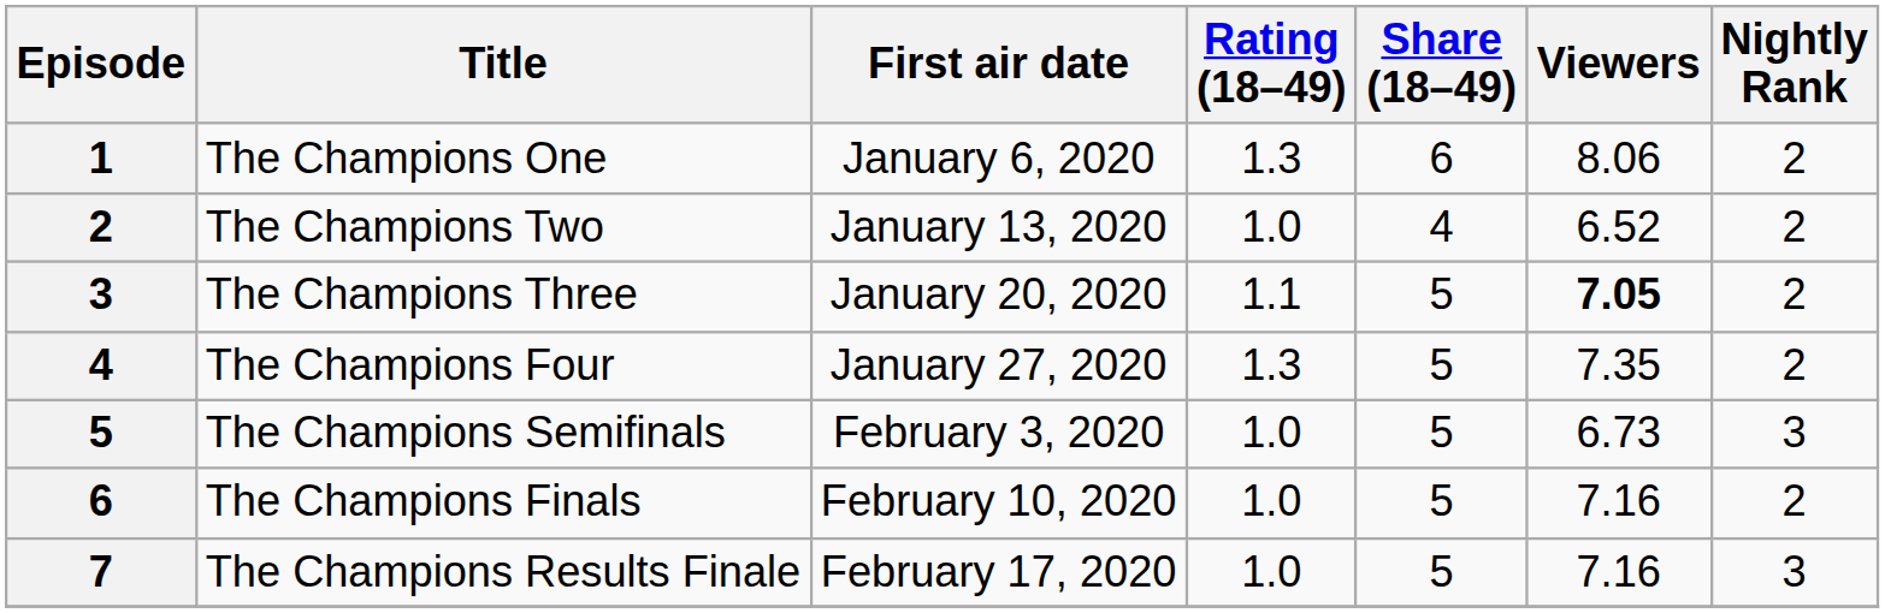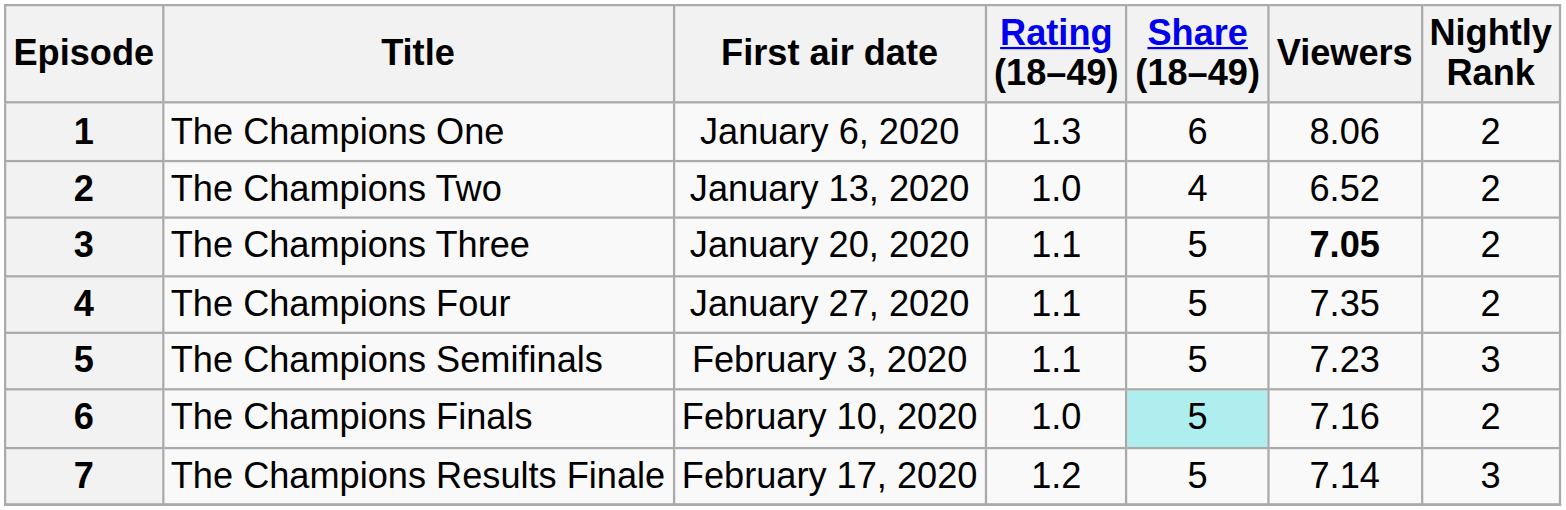 <table class="wikitable" style="text-align:center">
 <tr>
 <th>Episode</th>
 <th>Title</th>
 <th>First air date</th>
 <th><a href='#'>Rating</a><br>(18–49)</th>
 <th><a href='#'>Share</a><br>(18–49)</th>
 <th>Viewers<br></th>
 <th>Nightly<br>Rank</th>
 </tr>
 <tr>
 <th>1</th>
 <td style="text-align:left;">The Champions One</td>
 <td>January 6, 2020</td>
 <td>1.3</td>
 <td>6</td>
 <td>8.06</td>
 <td>2</td>
 </tr>
 <tr>
 <th>2</th>
 <td style="text-align:left;">The Champions Two</td>
 <td>January 13, 2020</td>
 <td>1.0</td>
 <td>4</td>
 <td>6.52</td>
 <td>2</td>
 </tr>
 <tr>
 <th>3</th>
 <td style="text-align:left;">The Champions Three</td>
 <td>January 20, 2020</td>
 <td>1.1</td>
 <td>5</td>
 <td><strong>7.05</strong></td>
 <td>2</td>
 </tr>
 <tr>
 <th>4</th>
 <td style="text-align:left;">The Champions Four</td>
 <td>January 27, 2020</td>
-<td>1.3</td>
+<td>1.1</td>
 <td>5</td>
 <td>7.35</td>
 <td>2</td>
 </tr>
 <tr>
 <th>5</th>
 <td style="text-align:left;">The Champions Semifinals</td>
 <td>February 3, 2020</td>
-<td>1.0</td>
+<td>1.1</td>
 <td>5</td>
-<td>6.73</td>
+<td>7.23</td>
 <td>3</td>
 </tr>
 <tr>
 <th>6</th>
 <td style="text-align:left;">The Champions Finals</td>
 <td>February 10, 2020</td>
 <td>1.0</td>
-<td>5</td>
+<td style="background: paleturquoise;">5</td>
 <td>7.16</td>
 <td>2</td>
 </tr>
 <tr>
 <th>7</th>
 <td style="text-align:left;">The Champions Results Finale</td>
 <td>February 17, 2020</td>
-<td>1.0</td>
+<td>1.2</td>
 <td>5</td>
-<td>7.16</td>
+<td>7.14</td>
 <td>3</td>
 </tr>
 <tr>
 </tr>
 </table>
